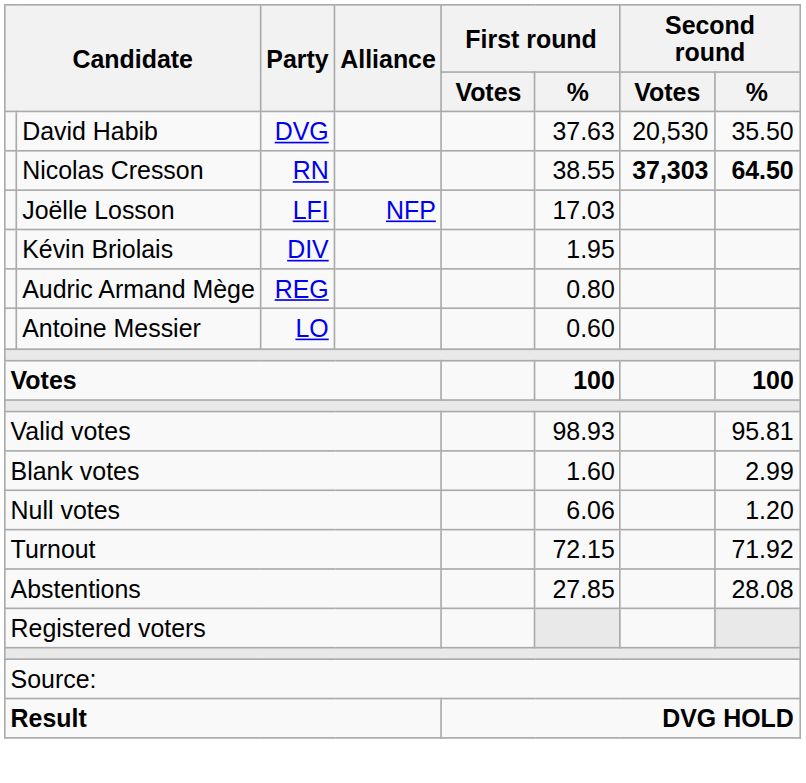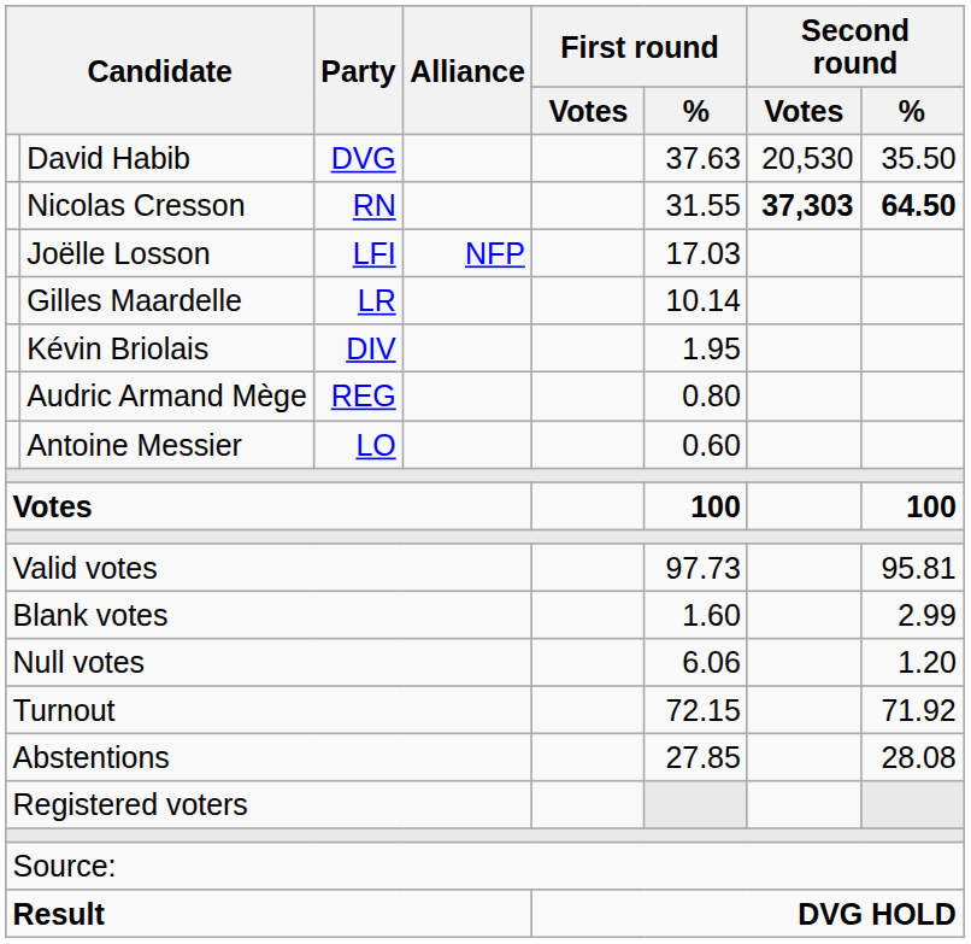 <table class="wikitable" style="text-align:right;font-size:95%;">
 <tr>
 <th colspan="2" rowspan="2">Candidate</th>
 <th colspan="1" rowspan="2">Party</th>
 <th colspan="1" rowspan="2">Alliance</th>
 <th colspan="2">First round</th>
 <th colspan="2">Second round</th>
 </tr>
 <tr>
 <th style="width:50px;">Votes</th>
 <th style="width:45px;">%</th>
 <th style="width:50px;">Votes</th>
 <th style="width:45px;">%</th>
 </tr>
 <tr>
 <td style="color:inherit;background:"></td>
 <td style="text-align:left;">David Habib</td>
 <td><a href='#'>DVG</a></td>
 <td></td>
 <td></td>
 <td>37.63</td>
 <td>20,530</td>
 <td>35.50</td>
 </tr>
 <tr>
 <td style="color:inherit;background:"></td>
 <td style="text-align:left;">Nicolas Cresson</td>
 <td><a href='#'>RN</a></td>
 <td></td>
 <td></td>
-<td>38.55</td>
+<td>31.55</td>
 <td><strong>37,303</strong></td>
 <td><strong>64.50</strong></td>
 </tr>
 <tr>
 <td style="color:inherit;background:"></td>
 <td style="text-align:left;">Joëlle Losson</td>
 <td><a href='#'>LFI</a></td>
 <td><a href='#'>NFP</a></td>
 <td></td>
 <td>17.03</td>
+<td></td>
+<td></td>
+</tr>
+<tr>
+<td style="color:inherit;background:"></td>
+<td style="text-align:left;">Gilles Maardelle</td>
+<td><a href='#'>LR</a></td>
+<td></td>
+<td></td>
+<td>10.14</td>
 <td></td>
 <td></td>
 </tr>
 <tr>
 <td style="color:inherit;background:"></td>
 <td style="text-align:left;">Kévin Briolais</td>
 <td><a href='#'>DIV</a></td>
 <td></td>
 <td></td>
 <td>1.95</td>
 <td></td>
 <td></td>
 </tr>
 <tr>
 <td style="color:inherit;background:"></td>
 <td style="text-align:left;">Audric Armand Mège</td>
 <td><a href='#'>REG</a></td>
 <td></td>
 <td></td>
 <td>0.80</td>
 <td></td>
 <td></td>
 </tr>
 <tr>
 <td style="color:inherit;background:"></td>
 <td style="text-align:left;">Antoine Messier</td>
 <td><a href='#'>LO</a></td>
 <td></td>
 <td></td>
 <td>0.60</td>
 <td></td>
 <td></td>
 </tr>
 <tr>
 <td colspan="8" style="background:#E9E9E9;"></td>
 </tr>
 <tr style="font-weight:bold;">
 <td colspan="4" style="text-align:left;">Votes</td>
 <td></td>
 <td>100</td>
 <td></td>
 <td>100</td>
 </tr>
 <tr>
 <td colspan="8" style="background:#E9E9E9;"></td>
 </tr>
 <tr>
 <td colspan="4" style="text-align:left;">Valid votes</td>
 <td></td>
-<td>98.93</td>
+<td>97.73</td>
 <td></td>
 <td>95.81</td>
 </tr>
 <tr>
 <td colspan="4" style="text-align:left;">Blank votes</td>
 <td></td>
 <td>1.60</td>
 <td></td>
 <td>2.99</td>
 </tr>
 <tr>
 <td colspan="4" style="text-align:left;">Null votes</td>
 <td></td>
 <td>6.06</td>
 <td></td>
 <td>1.20</td>
 </tr>
 <tr>
 <td colspan="4" style="text-align:left;">Turnout</td>
 <td></td>
 <td>72.15</td>
 <td></td>
 <td>71.92</td>
 </tr>
 <tr>
 <td colspan="4" style="text-align:left;">Abstentions</td>
 <td></td>
 <td>27.85</td>
 <td></td>
 <td>28.08</td>
 </tr>
 <tr>
 <td colspan="4" style="text-align:left;">Registered voters</td>
 <td></td>
 <td style="background:#E9E9E9;"></td>
 <td></td>
 <td style="background:#E9E9E9;"></td>
 </tr>
 <tr>
 <td colspan="8" style="background:#E9E9E9;"></td>
 </tr>
 <tr>
 <td colspan="8" style="text-align:left;">Source:</td>
 </tr>
 <tr style="font-weight:bold">
 <td colspan="4" style="text-align:left;">Result</td>
 <td colspan="4" style="background-color:">DVG HOLD</td>
 </tr>
 </table>
